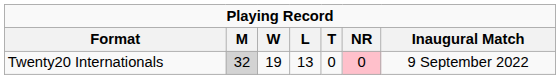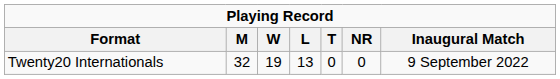 <table class="wikitable" style="text-align: center; width: 600px;">
 <tr>
 <td colspan=7 align="center"><strong>Playing Record</strong></td>
 </tr>
 <tr>
 <th>Format</th>
 <th>M</th>
 <th>W</th>
 <th>L</th>
 <th>T</th>
 <th>NR</th>
 <th>Inaugural Match</th>
 </tr>
 <tr>
 <td align="left">Twenty20 Internationals</td>
-<td style="background: lightgrey;">32</td>
+<td>32</td>
 <td>19</td>
 <td>13</td>
 <td>0</td>
-<td style="background: pink;">0</td>
+<td>0</td>
 <td>9 September 2022</td>
 </tr>
 </table>
